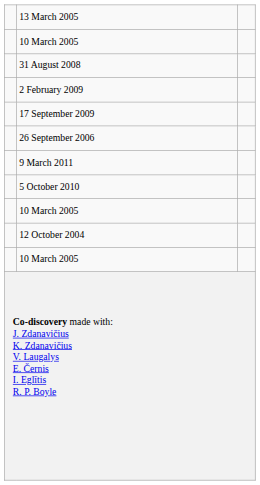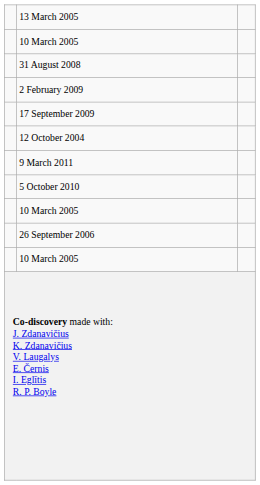 <table class="wikitable" style="font-size: 89%; float: left; width: 26em; margin-right: 1em; height: 700px;">
 <tr>
 <td></td>
 <td>13 March 2005</td>
 <td> </td>
 </tr>
 <tr>
 <td></td>
 <td>10 March 2005</td>
 <td> </td>
 </tr>
 <tr>
 <td></td>
 <td>31 August 2008</td>
 <td> </td>
 </tr>
 <tr>
 <td></td>
 <td>2 February 2009</td>
 <td> </td>
 </tr>
 <tr>
 <td></td>
 <td>17 September 2009</td>
 <td> </td>
 </tr>
 <tr>
 <td></td>
-<td>26 September 2006</td>
+<td>12 October 2004</td>
 <td> </td>
 </tr>
 <tr>
 <td></td>
 <td>9 March 2011</td>
 <td></td>
 </tr>
 <tr>
 <td></td>
 <td>5 October 2010</td>
 <td></td>
 </tr>
 <tr>
 <td></td>
 <td>10 March 2005</td>
 <td> </td>
 </tr>
 <tr>
 <td></td>
-<td>12 October 2004</td>
+<td>26 September 2006</td>
 <td> </td>
 </tr>
 <tr>
 <td></td>
 <td>10 March 2005</td>
 <td> </td>
 </tr>
 <tr>
 <th colspan=3 style="font-weight: normal; text-align: left; padding: 14px 12px 70px;"><strong>Co-discovery</strong> made with:<br> <a href='#'>J. Zdanavičius</a><br> <a href='#'>K. Zdanavičius</a><br> <a href='#'>V. Laugalys</a><br> <a href='#'>E. Černis</a><br> <a href='#'>I. Eglītis</a><br> <a href='#'>R. P. Boyle</a></th>
 </tr>
 </table>
